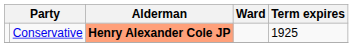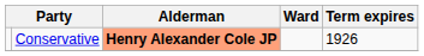 <table class="wikitable">
 <tr>
 <th colspan="2">Party</th>
 <th>Alderman</th>
 <th>Ward</th>
 <th>Term expires</th>
 </tr>
 <tr>
 <td style="background-color:"></td>
 <td><a href='#'>Conservative</a></td>
 <td style="background: lightsalmon;"><strong>Henry Alexander Cole JP</strong></td>
 <td></td>
-<td>1925</td>
+<td>1926</td>
 </tr>
 <tr>
 </tr>
 </table>
